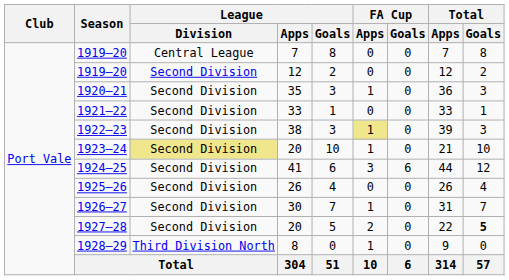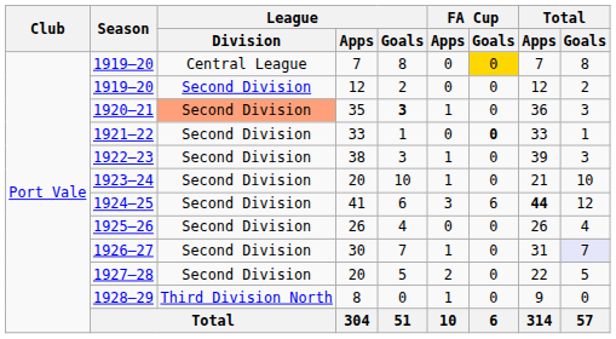 <table class="wikitable" style="text-align: center;">
 <tr>
 <th rowspan="2">Club</th>
 <th rowspan="2">Season</th>
 <th colspan="3">League</th>
 <th colspan="2">FA Cup</th>
 <th colspan="2">Total</th>
 </tr>
 <tr>
 <th>Division</th>
 <th>Apps</th>
 <th>Goals</th>
 <th>Apps</th>
 <th>Goals</th>
 <th>Apps</th>
 <th>Goals</th>
 </tr>
 <tr>
 <td rowspan="12"><a href='#'>Port Vale</a></td>
 <td><a href='#'>1919–20</a></td>
 <td>Central League</td>
 <td>7</td>
 <td>8</td>
 <td>0</td>
-<td>0</td>
+<td style="background: gold;">0</td>
 <td>7</td>
 <td>8</td>
 </tr>
 <tr>
 <td><a href='#'>1919–20</a></td>
 <td><a href='#'>Second Division</a></td>
 <td>12</td>
 <td>2</td>
 <td>0</td>
 <td>0</td>
 <td>12</td>
 <td>2</td>
 </tr>
 <tr>
 <td><a href='#'>1920–21</a></td>
-<td>Second Division</td>
+<td style="background: lightsalmon;">Second Division</td>
 <td>35</td>
-<td>3</td>
+<td><strong>3</strong></td>
 <td>1</td>
 <td>0</td>
 <td>36</td>
 <td>3</td>
 </tr>
 <tr>
 <td><a href='#'>1921–22</a></td>
 <td>Second Division</td>
 <td>33</td>
 <td>1</td>
 <td>0</td>
-<td>0</td>
+<td><strong>0</strong></td>
 <td>33</td>
 <td>1</td>
 </tr>
 <tr>
 <td><a href='#'>1922–23</a></td>
 <td>Second Division</td>
 <td>38</td>
 <td>3</td>
-<td style="background: khaki;">1</td>
+<td>1</td>
 <td>0</td>
 <td>39</td>
 <td>3</td>
 </tr>
 <tr>
 <td><a href='#'>1923–24</a></td>
-<td style="background: khaki;">Second Division</td>
+<td>Second Division</td>
 <td>20</td>
 <td>10</td>
 <td>1</td>
 <td>0</td>
 <td>21</td>
 <td>10</td>
 </tr>
 <tr>
 <td><a href='#'>1924–25</a></td>
 <td>Second Division</td>
 <td>41</td>
 <td>6</td>
 <td>3</td>
 <td>6</td>
-<td>44</td>
+<td><strong>44</strong></td>
 <td>12</td>
 </tr>
 <tr>
 <td><a href='#'>1925–26</a></td>
 <td>Second Division</td>
 <td>26</td>
 <td>4</td>
 <td>0</td>
 <td>0</td>
 <td>26</td>
 <td>4</td>
 </tr>
 <tr>
 <td><a href='#'>1926–27</a></td>
 <td>Second Division</td>
 <td>30</td>
 <td>7</td>
 <td>1</td>
 <td>0</td>
 <td>31</td>
-<td>7</td>
+<td style="background: lavender;">7</td>
 </tr>
 <tr>
 <td><a href='#'>1927–28</a></td>
 <td>Second Division</td>
 <td>20</td>
 <td>5</td>
 <td>2</td>
 <td>0</td>
 <td>22</td>
-<td><strong>5</strong></td>
+<td>5</td>
 </tr>
 <tr>
 <td><a href='#'>1928–29</a></td>
 <td><a href='#'>Third Division North</a></td>
 <td>8</td>
 <td>0</td>
 <td>1</td>
 <td>0</td>
 <td>9</td>
 <td>0</td>
 </tr>
 <tr>
 <th colspan="2">Total</th>
 <th>304</th>
 <th>51</th>
 <th>10</th>
 <th>6</th>
 <th>314</th>
 <th>57</th>
 </tr>
 </table>
